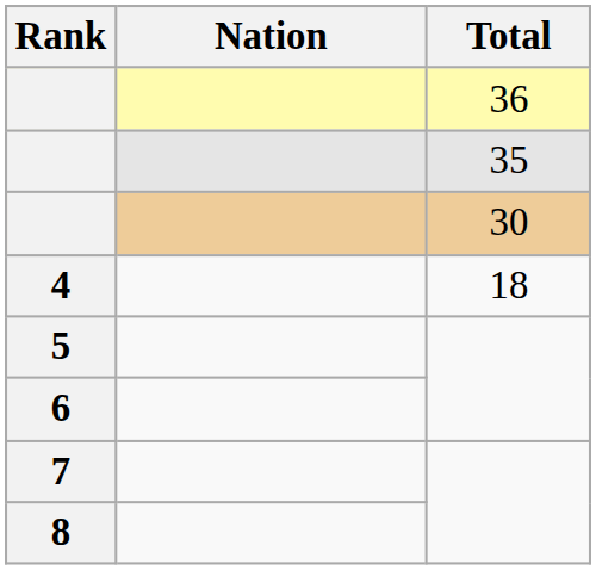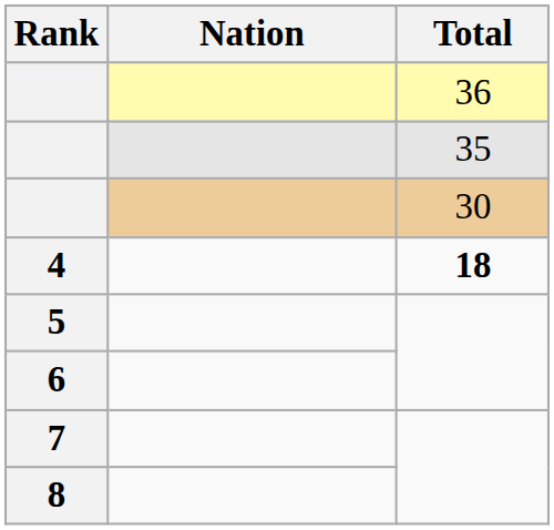 <table class="wikitable sortable" style="text-align:center;">
 <tr>
 <th scope="col" style="width:25px;">Rank</th>
 <th ! scope="col" style="width:120px;">Nation</th>
 <th ! scope="col" style="width:60px;">Total</th>
 </tr>
 <tr bgcolor=fffcaf>
 <th scope=row></th>
 <td align=left></td>
 <td>36</td>
 </tr>
 <tr bgcolor=e5e5e5>
 <th scope=row></th>
 <td align=left></td>
 <td>35</td>
 </tr>
 <tr bgcolor=eecc99>
 <th scope=row></th>
 <td align=left></td>
 <td>30</td>
 </tr>
 <tr>
 <th scope=row>4</th>
 <td align=left></td>
-<td>18</td>
+<td><strong>18</strong></td>
 </tr>
 <tr>
 <th scope=row>5</th>
 <td align=left></td>
 <td rowspan=2></td>
 </tr>
 <tr>
 <th scope=row>6</th>
 <td align=left></td>
 </tr>
 <tr>
 <th scope=row>7</th>
 <td align=left></td>
 <td rowspan=2></td>
 </tr>
 <tr>
 <th scope=row>8</th>
 <td align=left></td>
 </tr>
 </table>
